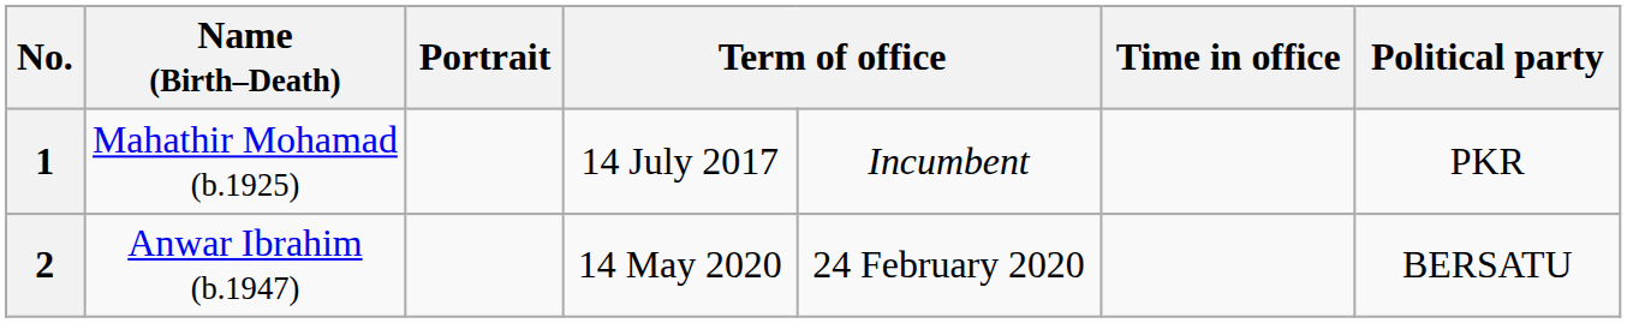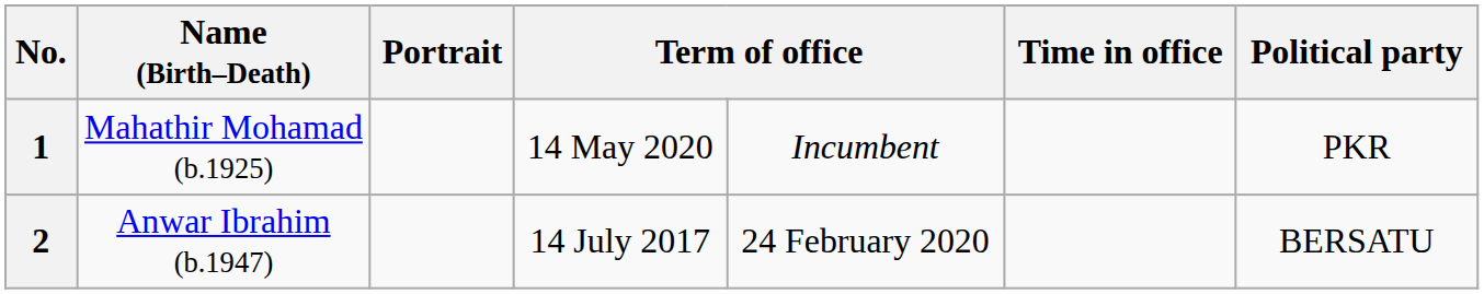 <table class="wikitable" style="text-align:center">
 <tr>
 <th>No.</th>
 <th width=20%>Name<br><small>(Birth–Death)</small></th>
 <th>Portrait</th>
 <th colspan="2">Term of office</th>
 <th>Time in office</th>
 <th colspan="2">Political party</th>
 </tr>
 <tr>
 <th>1</th>
 <td><a href='#'>Mahathir Mohamad</a><br><small>(b.1925)</small></td>
 <td></td>
-<td>14 July 2017</td>
+<td>14 May 2020</td>
 <td><em>Incumbent</em></td>
 <td></td>
 <td style="background: ">PKR</td>
 </tr>
 <tr>
 <th>2</th>
 <td><a href='#'>Anwar Ibrahim</a><br><small>(b.1947)</small></td>
 <td></td>
-<td>14 May 2020</td>
+<td>14 July 2017</td>
 <td>24 February 2020</td>
 <td></td>
 <td style="background: ">BERSATU</td>
 </tr>
 </table>
